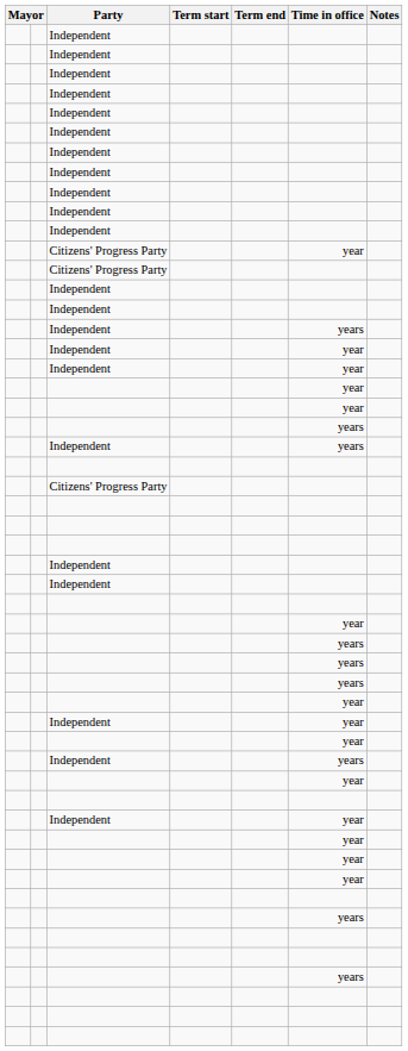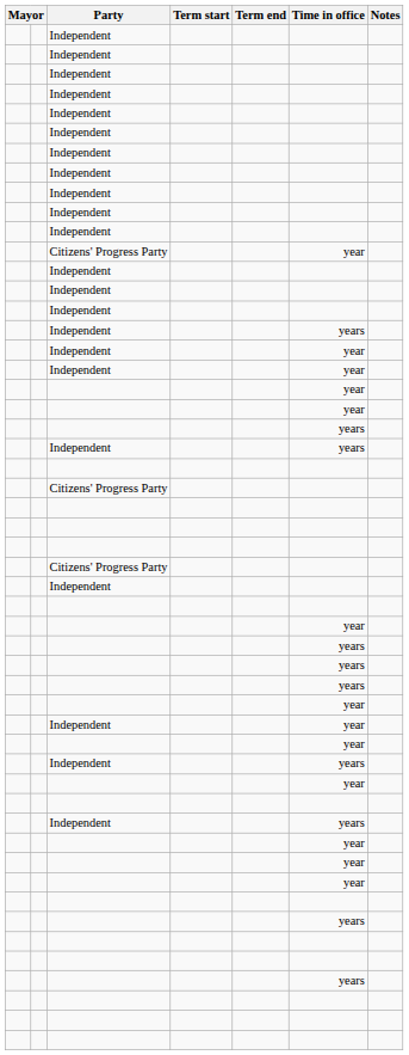 <table class="wikitable sortable">
 <tr>
 <th colspan="2">Mayor</th>
 <th>Party</th>
 <th>Term start</th>
 <th>Term end</th>
 <th>Time in office</th>
 <th class="unsortable">Notes</th>
 </tr>
 <tr>
 <td> </td>
 <td></td>
 <td>Independent</td>
 <td align=center></td>
 <td align=center></td>
 <td align=right></td>
 <td></td>
 </tr>
 <tr>
 <td> </td>
 <td></td>
 <td>Independent</td>
 <td align=center></td>
 <td align=center></td>
 <td align=right></td>
 <td></td>
 </tr>
 <tr>
 <td> </td>
 <td></td>
 <td>Independent</td>
 <td align=center></td>
 <td align=center></td>
 <td align=right></td>
 <td></td>
 </tr>
 <tr>
 <td> </td>
 <td></td>
 <td>Independent</td>
 <td align=center></td>
 <td align=center></td>
 <td align=right></td>
 <td></td>
 </tr>
 <tr>
 <td> </td>
 <td></td>
 <td>Independent</td>
 <td align=center></td>
 <td align=center></td>
 <td align=right></td>
 <td></td>
 </tr>
 <tr>
 <td> </td>
 <td></td>
 <td>Independent</td>
 <td align=center></td>
 <td align=center></td>
 <td align=right></td>
 <td></td>
 </tr>
 <tr>
 <td> </td>
 <td></td>
 <td>Independent</td>
 <td align=center></td>
 <td align=center></td>
 <td align=right></td>
 <td></td>
 </tr>
 <tr>
 <td> </td>
 <td></td>
 <td>Independent</td>
 <td align=center></td>
 <td align=center></td>
 <td align=right></td>
 <td></td>
 </tr>
 <tr>
 <td> </td>
 <td></td>
 <td>Independent</td>
 <td align=center></td>
 <td align=center></td>
 <td align=right></td>
 <td></td>
 </tr>
 <tr>
 <td> </td>
 <td></td>
 <td>Independent</td>
 <td align=center></td>
 <td align=center></td>
 <td align=right></td>
 <td></td>
 </tr>
 <tr>
 <td> </td>
 <td></td>
 <td>Independent</td>
 <td align=center></td>
 <td align=center></td>
 <td align=right></td>
 <td></td>
 </tr>
 <tr>
 <td> </td>
 <td></td>
 <td>Citizens' Progress Party</td>
 <td align=center></td>
 <td align=center></td>
 <td align=right> year</td>
 <td></td>
 </tr>
 <tr>
 <td> </td>
 <td></td>
-<td>Citizens' Progress Party</td>
+<td>Independent</td>
 <td align=center></td>
 <td align=center></td>
 <td align=right></td>
 <td></td>
 </tr>
 <tr>
 <td> </td>
 <td></td>
 <td>Independent</td>
 <td align=center></td>
 <td align=center></td>
 <td align=right></td>
 <td></td>
 </tr>
 <tr>
 <td> </td>
 <td></td>
 <td>Independent</td>
 <td align=center></td>
 <td align=center></td>
 <td align=right></td>
 <td></td>
 </tr>
 <tr>
 <td> </td>
 <td></td>
 <td>Independent</td>
 <td align=center></td>
 <td align=center></td>
 <td align=right> years</td>
 <td></td>
 </tr>
 <tr>
 <td> </td>
 <td></td>
 <td>Independent</td>
 <td align=center></td>
 <td align=center></td>
 <td align=right> year</td>
 <td></td>
 </tr>
 <tr>
 <td> </td>
 <td></td>
 <td>Independent</td>
 <td align=center></td>
 <td align=center></td>
 <td align=right> year</td>
 <td></td>
 </tr>
 <tr>
 <td> </td>
 <td></td>
 <td></td>
 <td align=center></td>
 <td align=center></td>
 <td align=right> year</td>
 <td></td>
 </tr>
 <tr>
 <td> </td>
 <td></td>
 <td></td>
 <td align=center></td>
 <td align=center></td>
 <td align=right> year</td>
 <td></td>
 </tr>
 <tr>
 <td> </td>
 <td></td>
 <td></td>
 <td align=center></td>
 <td align=center></td>
 <td align=right> years</td>
 <td></td>
 </tr>
 <tr>
 <td> </td>
 <td></td>
 <td>Independent</td>
 <td align=center></td>
 <td align=center></td>
 <td align=right> years</td>
 <td></td>
 </tr>
 <tr>
 <td> </td>
 <td></td>
 <td></td>
 <td align=center></td>
 <td align=center></td>
 <td align=right></td>
 <td></td>
 </tr>
 <tr>
 <td> </td>
 <td></td>
 <td>Citizens' Progress Party</td>
 <td align=center></td>
 <td align=center></td>
 <td align=right></td>
 <td></td>
 </tr>
 <tr>
 <td> </td>
 <td></td>
 <td></td>
 <td align=center></td>
 <td align=center></td>
 <td align=right></td>
 <td></td>
 </tr>
 <tr>
 <td> </td>
 <td></td>
 <td></td>
 <td align=center></td>
 <td align=center></td>
 <td align=right></td>
 <td></td>
 </tr>
 <tr>
 <td> </td>
 <td></td>
 <td></td>
 <td align=center></td>
 <td align=center></td>
 <td align=right></td>
 <td></td>
 </tr>
 <tr>
 <td> </td>
 <td></td>
-<td>Independent</td>
+<td>Citizens' Progress Party</td>
 <td align=center></td>
 <td align=center></td>
 <td align=right></td>
 <td></td>
 </tr>
 <tr>
 <td> </td>
 <td></td>
 <td>Independent</td>
 <td align=center></td>
 <td align=center></td>
 <td align=right><strong></strong></td>
 <td></td>
 </tr>
 <tr>
 <td> </td>
 <td></td>
 <td> </td>
 <td align=center></td>
 <td align=center></td>
 <td align=right></td>
 <td></td>
 </tr>
 <tr>
 <td> </td>
 <td></td>
 <td> </td>
 <td align=center></td>
 <td align=center></td>
 <td align=right> year</td>
 <td></td>
 </tr>
 <tr>
 <td> </td>
 <td></td>
 <td> </td>
 <td align=center></td>
 <td align=center></td>
 <td align=right> years</td>
 <td></td>
 </tr>
 <tr>
 <td> </td>
 <td></td>
 <td> </td>
 <td align=center></td>
 <td align=center></td>
 <td align=right> years</td>
 <td></td>
 </tr>
 <tr>
 <td> </td>
 <td></td>
 <td></td>
 <td align=center></td>
 <td align=center></td>
 <td align=right> years</td>
 <td></td>
 </tr>
 <tr>
 <td> </td>
 <td></td>
 <td> </td>
 <td align=center></td>
 <td align=center></td>
 <td align=right> year</td>
 <td></td>
 </tr>
 <tr>
 <td> </td>
 <td></td>
 <td>Independent</td>
 <td align=center></td>
 <td align=center></td>
 <td align=right> year</td>
 <td></td>
 </tr>
 <tr>
 <td> </td>
 <td></td>
 <td> </td>
 <td align=center></td>
 <td align=center></td>
 <td align=right> year</td>
 <td></td>
 </tr>
 <tr>
 <td> </td>
 <td></td>
 <td>Independent</td>
 <td align=center></td>
 <td align=center></td>
 <td align=right> years</td>
 <td></td>
 </tr>
 <tr>
 <td> </td>
 <td></td>
 <td> </td>
 <td align=center></td>
 <td align=center></td>
 <td align=right> year</td>
 <td></td>
 </tr>
 <tr>
 <td> </td>
 <td></td>
 <td></td>
 <td align=center></td>
 <td align=center></td>
 <td align=right></td>
 <td></td>
 </tr>
 <tr>
 <td> </td>
 <td></td>
 <td>Independent</td>
 <td align=center></td>
 <td align=center></td>
-<td align=right> year</td>
+<td align=right> years</td>
 <td></td>
 </tr>
 <tr>
 <td> </td>
 <td></td>
 <td> </td>
 <td align=center></td>
 <td align=center></td>
 <td align=right> year</td>
 <td></td>
 </tr>
 <tr>
 <td> </td>
 <td></td>
 <td></td>
 <td align=center></td>
 <td align=center></td>
 <td align=right> year</td>
 <td></td>
 </tr>
 <tr>
 <td> </td>
 <td></td>
 <td> </td>
 <td align=center></td>
 <td align=center></td>
 <td align=right> year</td>
 <td></td>
 </tr>
 <tr>
 <td> </td>
 <td></td>
 <td> </td>
 <td align=center></td>
 <td align=center></td>
 <td align=right></td>
 <td></td>
 </tr>
 <tr>
 <td> </td>
 <td></td>
 <td> </td>
 <td align=center></td>
 <td align=center></td>
 <td align=right> years</td>
 <td></td>
 </tr>
 <tr>
 <td> </td>
 <td></td>
 <td></td>
 <td align=center></td>
 <td align=center></td>
 <td align=right></td>
 <td></td>
 </tr>
 <tr>
 <td> </td>
 <td></td>
 <td></td>
 <td align=center></td>
 <td align=center></td>
 <td align=right></td>
 <td></td>
 </tr>
 <tr>
 <td> </td>
 <td></td>
 <td></td>
 <td align=center></td>
 <td align=center></td>
 <td align=right> years</td>
 <td></td>
 </tr>
 <tr>
 <td> </td>
 <td></td>
 <td></td>
 <td align=center></td>
 <td align=center></td>
 <td align=right></td>
 <td></td>
 </tr>
 <tr>
 <td> </td>
 <td></td>
 <td></td>
 <td align=center></td>
 <td align=center></td>
 <td align=right></td>
 <td></td>
 </tr>
 <tr>
 <td> </td>
 <td></td>
 <td></td>
 <td align=center></td>
 <td align=center></td>
 <td align=right></td>
 <td></td>
 </tr>
 </table>
